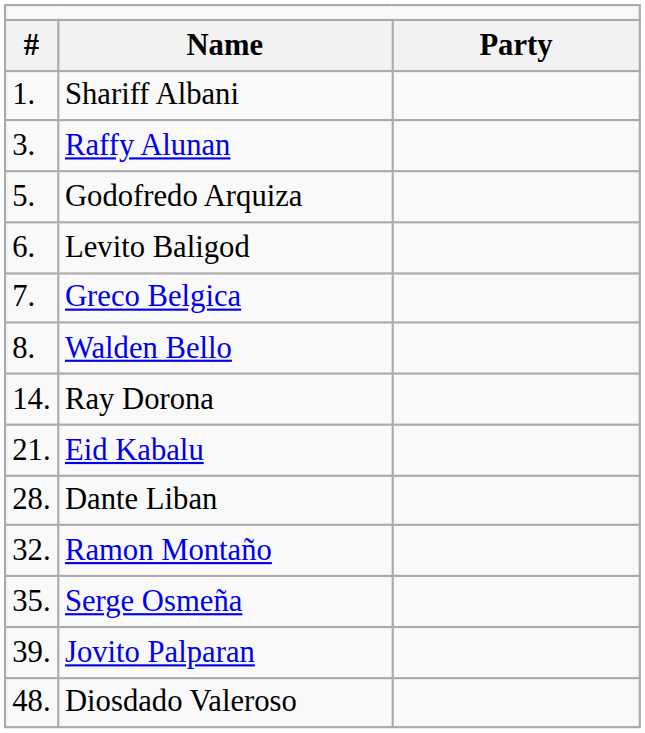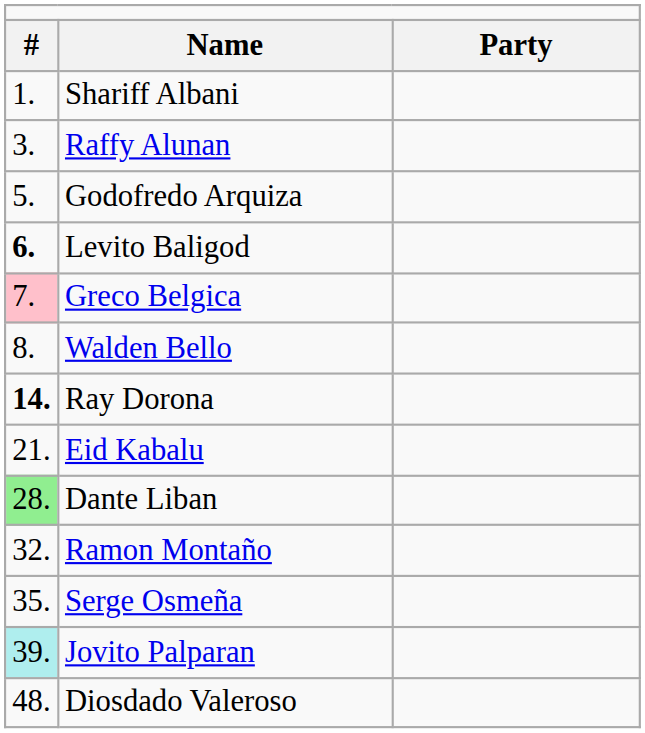 <table class=wikitable style="font-size:90%">
 <tr>
 <td colspan=4 bgcolor=></td>
 </tr>
 <tr>
 <th>#</th>
 <th style="width:150px;">Name</th>
 <th colspan="2" style="width:110px;">Party</th>
 </tr>
 <tr>
 <td>1.</td>
 <td>Shariff Albani</td>
 <td></td>
 </tr>
 <tr>
 <td>3.</td>
 <td><a href='#'>Raffy Alunan</a></td>
 <td></td>
 </tr>
 <tr>
 <td>5.</td>
 <td>Godofredo Arquiza</td>
 <td></td>
 </tr>
 <tr>
-<td>6.</td>
+<td><strong>6.</strong></td>
 <td>Levito Baligod</td>
 <td></td>
 </tr>
 <tr>
-<td>7.</td>
+<td style="background: pink;">7.</td>
 <td><a href='#'>Greco Belgica</a></td>
 <td></td>
 </tr>
 <tr>
 <td>8.</td>
 <td><a href='#'>Walden Bello</a></td>
 <td></td>
 </tr>
 <tr>
-<td>14.</td>
+<td><strong>14.</strong></td>
 <td>Ray Dorona</td>
 <td></td>
 </tr>
 <tr>
 <td>21.</td>
 <td><a href='#'>Eid Kabalu</a></td>
 <td></td>
 </tr>
 <tr>
-<td>28.</td>
+<td style="background: lightgreen;">28.</td>
 <td>Dante Liban</td>
 <td></td>
 </tr>
 <tr>
 <td>32.</td>
 <td><a href='#'>Ramon Montaño</a></td>
 <td></td>
 </tr>
 <tr>
 <td>35.</td>
 <td><a href='#'>Serge Osmeña</a></td>
 <td></td>
 </tr>
 <tr>
-<td>39.</td>
+<td style="background: paleturquoise;">39.</td>
 <td><a href='#'>Jovito Palparan</a></td>
 <td></td>
 </tr>
 <tr>
 <td>48.</td>
 <td>Diosdado Valeroso</td>
 <td></td>
 </tr>
 </table>
